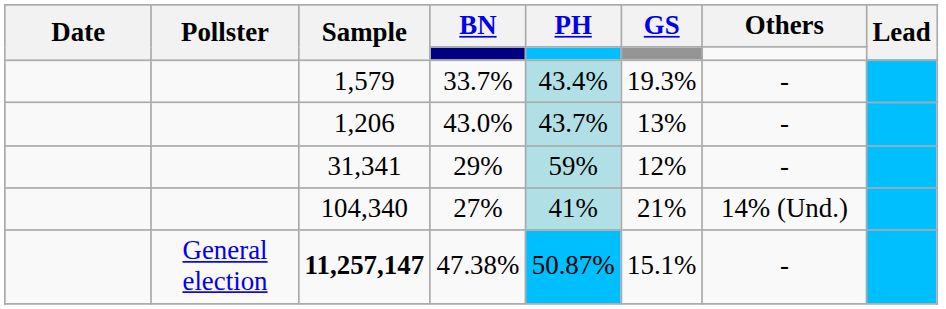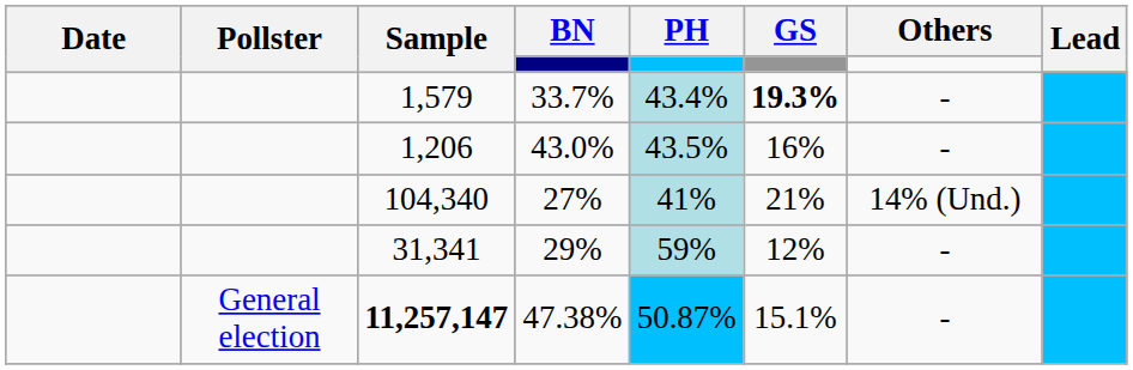 <table class="wikitable sortable" style=text-align:center>
 <tr>
 <th rowspan="2" style="width:80px;">Date</th>
 <th rowspan="2" style="width:80px;">Pollster</th>
 <th rowspan="2" style="width:60px;">Sample</th>
 <th width=20><a href='#'>BN</a></th>
 <th width=20><a href='#'>PH</a></th>
 <th width=20><a href='#'>GS</a></th>
 <th width=90>Others</th>
 <th style="width:20px;" rowspan="2">Lead</th>
 </tr>
 <tr>
 <th style="background:navy;"></th>
 <th style="background:#00BFFF;"></th>
 <th style="background: #959595"></th>
 </tr>
 <tr>
 <td></td>
 <td> </td>
 <td>1,579</td>
 <td>33.7%</td>
 <td style="background:#B0E0E6">43.4%</td>
-<td>19.3%</td>
+<td><strong>19.3%</strong></td>
 <td>-</td>
 <td style="background:#00BFFF;"></td>
 </tr>
 <tr>
 <td></td>
 <td></td>
 <td>1,206 </td>
 <td>43.0%</td>
-<td style="background:#B0E0E6">43.7%</td>
-<td>13%</td>
-<td>-</td>
-<td style="background:#00BFFF;"></td>
-</tr>
-<tr>
-<td></td>
-<td> </td>
-<td>31,341 </td>
-<td>29%</td>
-<td style="background:#B0E0E6">59%</td>
-<td>12%</td>
+<td style="background:#B0E0E6">43.5%</td>
+<td>16%</td>
 <td>-</td>
 <td style="background:#00BFFF;"></td>
 </tr>
 <tr>
 <td></td>
 <td></td>
 <td>104,340</td>
 <td>27%</td>
 <td style="background:#B0E0E6">41%</td>
 <td>21%</td>
 <td>14% (Und.)</td>
 <td style="background:#00BFFF;"></td>
 </tr>
 <tr>
 <td></td>
+<td> </td>
+<td>31,341 </td>
+<td>29%</td>
+<td style="background:#B0E0E6">59%</td>
+<td>12%</td>
+<td>-</td>
+<td style="background:#00BFFF;"></td>
+</tr>
+<tr>
+<td></td>
 <td><a href='#'>General election</a></td>
 <td><strong>11,257,147</strong></td>
 <td>47.38%</td>
 <td style="background:#00BFFF;">50.87%</td>
 <td>15.1%</td>
 <td>-</td>
 <td style="background:#00BFFF;"></td>
 </tr>
 </table>
